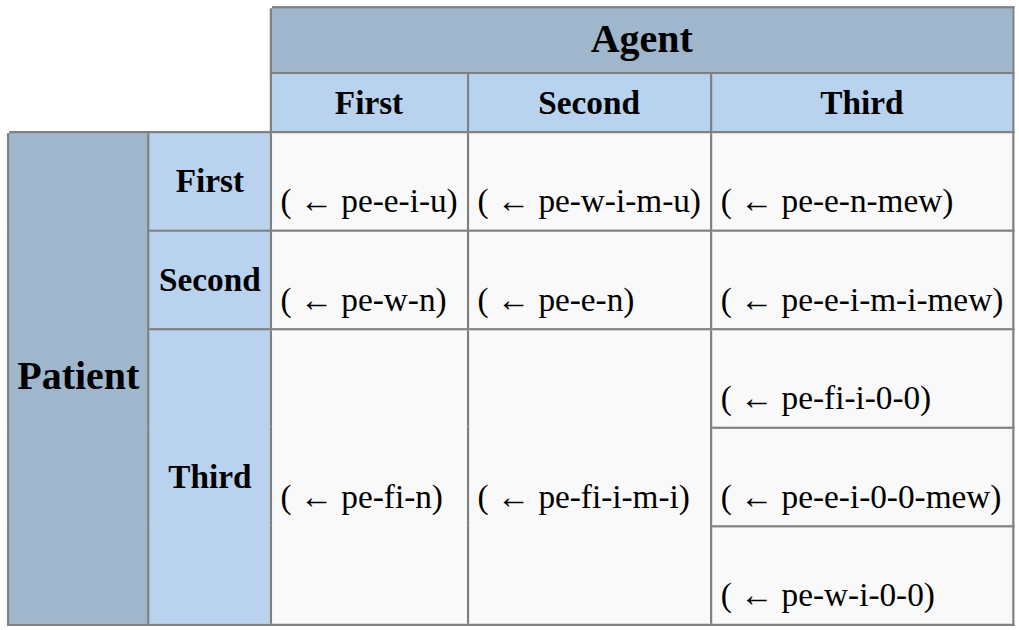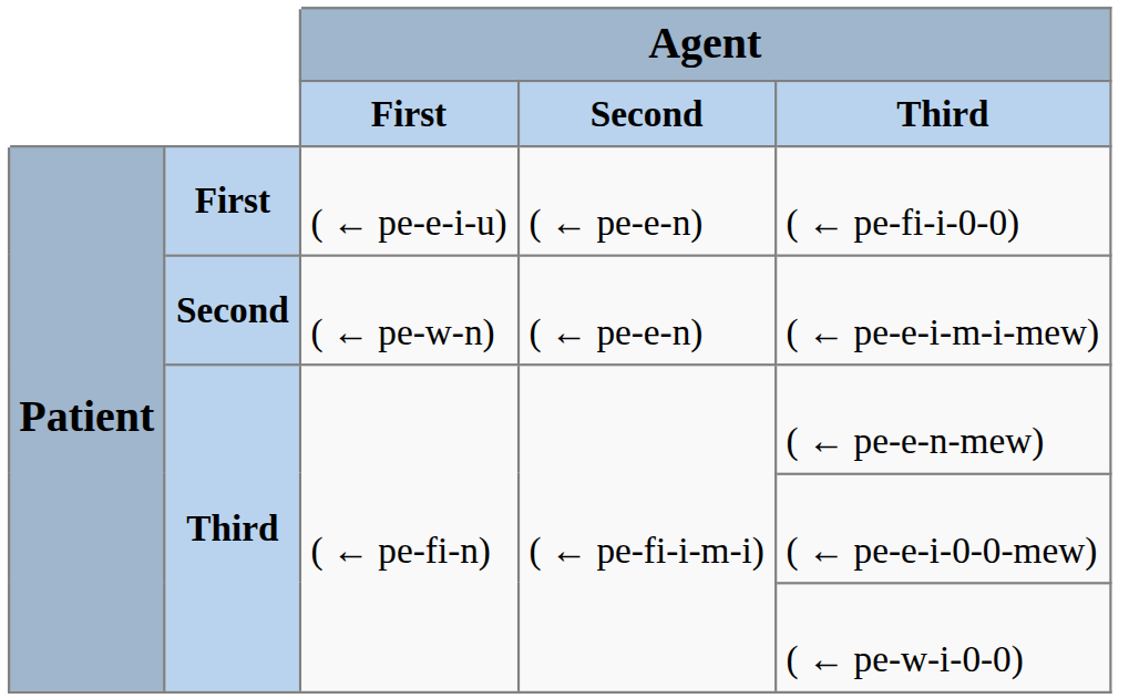 <table border="1" cellpadding="4" cellspacing="0" align="center" style="margin: 0 0 1em 1em; background: #f9f9f9; border: 1px gray solid; border-collapse: collapse; font-size: 95%; vertical-align: center;">
 <tr>
 <td colspan=2 rowspan=2 style="background:white;border-top:2px white solid;border-right:1px solid gray;border-bottom:1px solid gray;border-left:2px white solid;"></td>
 <th colspan=3 style="background:#9FB6CD;"><big>Agent</big></th>
 </tr>
 <tr>
 <th style="background:#B9D3EE">First</th>
 <th style="background:#B9D3EE">Second</th>
 <th style="background:#B9D3EE">Third</th>
 </tr>
 <tr>
 <th rowspan=5 style="background:#9FB6CD"><big>Patient</big></th>
 <th style="background:#B9D3EE">First</th>
 <td><strong></strong><br>( ← pe-e-i-u)</td>
-<td><strong></strong><br>( ← pe-w-i-m-u)</td>
-<td><strong></strong><br>( ← pe-e-n-mew)</td>
+<td><strong></strong><br>( ← pe-e-n)</td>
+<td> <strong></strong><br>( ← pe-fi-i-0-0)</td>
 </tr>
 <tr>
 <th style="background:#B9D3EE">Second</th>
 <td><strong></strong><br>( ← pe-w-n)</td>
 <td><strong></strong><br>( ← pe-e-n)</td>
 <td><strong></strong><br>( ← pe-e-i-m-i-mew)</td>
 </tr>
 <tr>
 <th rowspan=3 style="background:#B9D3EE">Third</th>
 <td rowspan=3><strong></strong><br>( ← pe-fi-n)</td>
 <td rowspan=3><strong></strong><br>( ← pe-fi-i-m-i)</td>
-<td> <strong></strong><br>( ← pe-fi-i-0-0)</td>
+<td><strong></strong><br>( ← pe-e-n-mew)</td>
 </tr>
 <tr>
 <td> <strong></strong><br>( ← pe-e-i-0-0-mew)</td>
 </tr>
 <tr>
 <td> <strong></strong><br>( ← pe-w-i-0-0)</td>
 </tr>
 </table>
